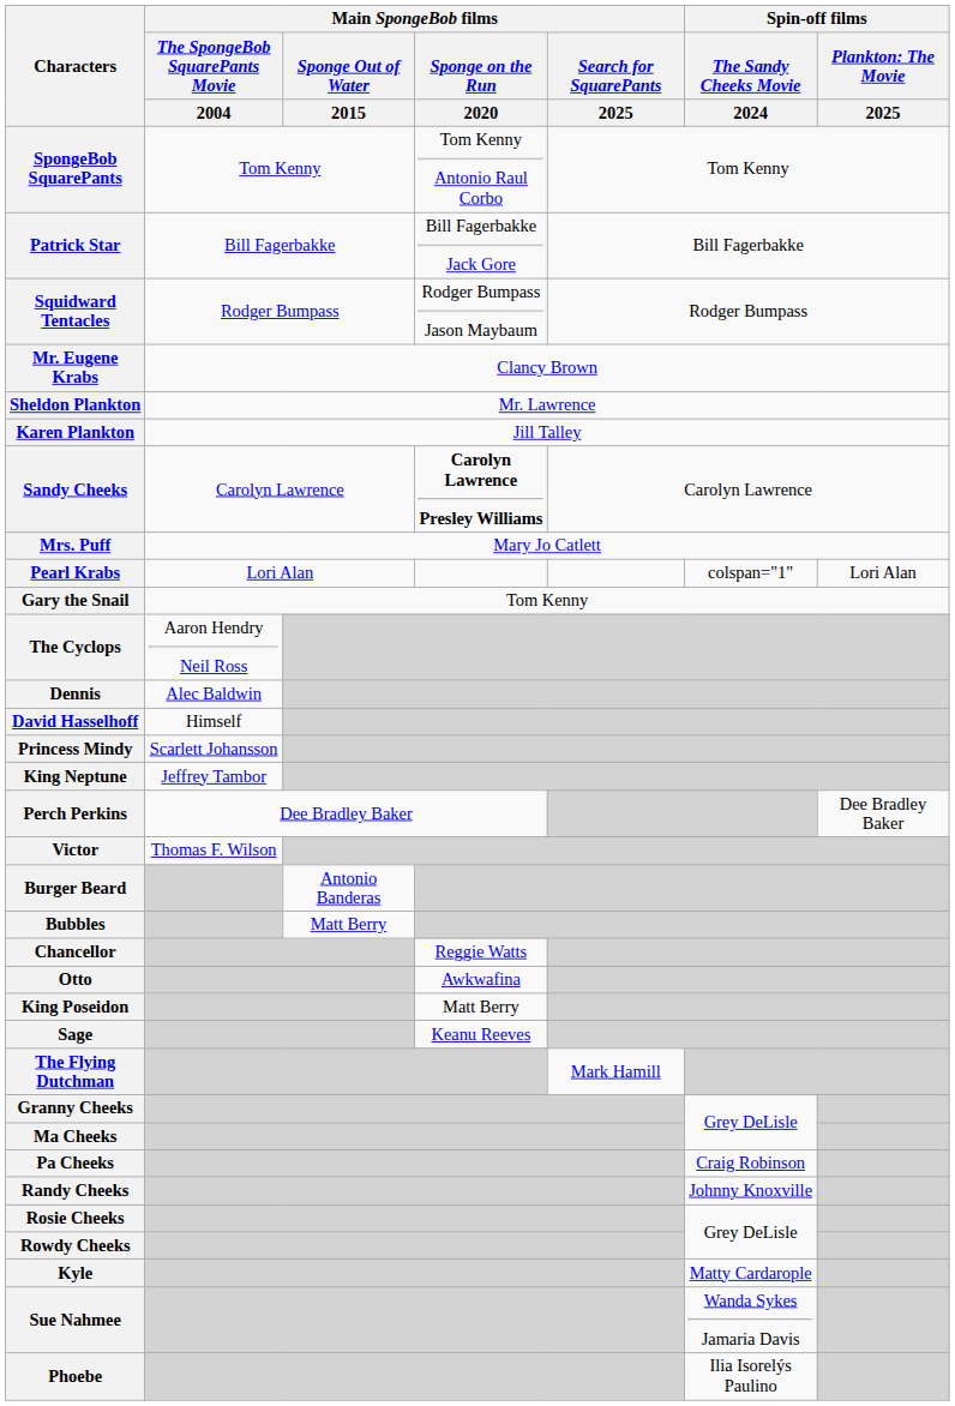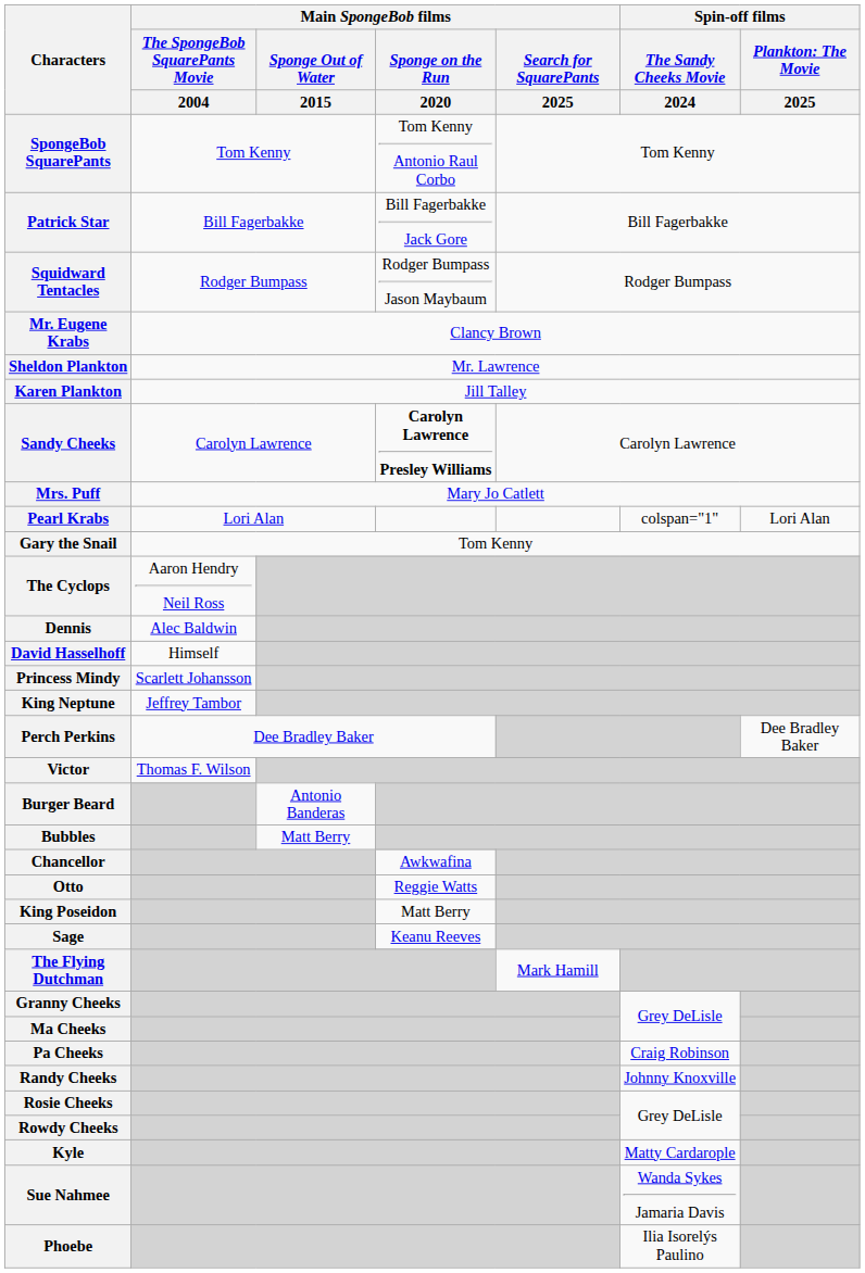 <table class="wikitable"  style="text-align:center; width:99%;">
 <tr>
 <th rowspan="3" style="width:10%;">Characters</th>
 <th colspan="4">Main <em>SpongeBob</em> films</th>
 <th colspan="2">Spin-off films</th>
 </tr>
 <tr>
 <th style="text-align:center; width:10%;"><em><a href='#'>The SpongeBob SquarePants Movie</a></em></th>
 <th style="text-align:center; width:10%;"><a href='#'><em><br>Sponge Out of Water</em></a></th>
 <th style="text-align:center; width:10%;"><a href='#'><em><br>Sponge on the Run</em></a></th>
 <th style="text-align:center; width:10%;"><em><a href='#'><br>Search for SquarePants</a></em></th>
 <th style="text-align:center; width:10%;"><a href='#'><em><br>The Sandy Cheeks Movie</em></a></th>
 <th style="text-align:center; width:10%;"><em><a href='#'>Plankton: The Movie</a></em></th>
 </tr>
 <tr>
 <th>2004</th>
 <th>2015</th>
 <th>2020</th>
 <th>2025</th>
 <th>2024</th>
 <th>2025</th>
 </tr>
 <tr>
 <th><a href='#'>SpongeBob SquarePants</a></th>
 <td colspan="2"><a href='#'>Tom Kenny</a></td>
 <td>Tom Kenny<hr><a href='#'>Antonio Raul Corbo</a></td>
 <td colspan="3">Tom Kenny</td>
 </tr>
 <tr>
 <th><a href='#'>Patrick Star</a></th>
 <td colspan="2"><a href='#'>Bill Fagerbakke</a></td>
 <td>Bill Fagerbakke<hr><a href='#'>Jack Gore</a></td>
 <td colspan="3">Bill Fagerbakke</td>
 </tr>
 <tr>
 <th><a href='#'>Squidward Tentacles</a></th>
 <td colspan="2"><a href='#'>Rodger Bumpass</a></td>
 <td>Rodger Bumpass<hr>Jason Maybaum</td>
 <td colspan="3">Rodger Bumpass</td>
 </tr>
 <tr>
 <th><a href='#'>Mr. Eugene Krabs</a></th>
 <td colspan="6"><a href='#'>Clancy Brown</a></td>
 </tr>
 <tr>
 <th><a href='#'>Sheldon Plankton</a></th>
 <td colspan="6"><a href='#'>Mr. Lawrence</a></td>
 </tr>
 <tr>
 <th><a href='#'>Karen Plankton</a></th>
 <td colspan="6"><a href='#'>Jill Talley</a></td>
 </tr>
 <tr>
 <th><a href='#'>Sandy Cheeks</a></th>
 <td colspan="2"><a href='#'>Carolyn Lawrence</a></td>
 <td><strong>Carolyn Lawrence<hr>Presley Williams</strong></td>
 <td colspan="3">Carolyn Lawrence</td>
 </tr>
 <tr>
 <th><a href='#'>Mrs. Puff</a></th>
 <td colspan="6"><a href='#'>Mary Jo Catlett</a></td>
 </tr>
 <tr>
 <th><a href='#'>Pearl Krabs</a></th>
 <td colspan="2"><a href='#'>Lori Alan</a></td>
 <td></td>
 <td></td>
 <td>colspan="1" </td>
 <td>Lori Alan</td>
 </tr>
 <tr>
 <th>Gary the Snail</th>
 <td colspan="6">Tom Kenny</td>
 </tr>
 <tr>
 <th>The Cyclops</th>
 <td>Aaron Hendry<hr><a href='#'>Neil Ross</a></td>
 <td colspan="5" style="background:#d3d3d3;"></td>
 </tr>
 <tr>
 <th>Dennis</th>
 <td><a href='#'>Alec Baldwin</a></td>
 <td colspan="5" style="background:#d3d3d3;"></td>
 </tr>
 <tr>
 <th><a href='#'>David Hasselhoff</a></th>
 <td>Himself</td>
 <td colspan="5" style="background:#d3d3d3;"></td>
 </tr>
 <tr>
 <th>Princess Mindy</th>
 <td><a href='#'>Scarlett Johansson</a></td>
 <td colspan="5" style="background:#d3d3d3;"></td>
 </tr>
 <tr>
 <th>King Neptune</th>
 <td><a href='#'>Jeffrey Tambor</a></td>
 <td colspan="5" style="background:#d3d3d3;"></td>
 </tr>
 <tr>
 <th>Perch Perkins</th>
 <td colspan="3"><a href='#'>Dee Bradley Baker</a></td>
 <td colspan="2" style="background:#d3d3d3;"></td>
 <td>Dee Bradley Baker</td>
 </tr>
 <tr>
 <th>Victor</th>
 <td><a href='#'>Thomas F. Wilson</a></td>
 <td colspan="5" style="background:#d3d3d3;"></td>
 </tr>
 <tr>
 <th>Burger Beard</th>
 <td style="background:#d3d3d3;"></td>
 <td><a href='#'>Antonio Banderas</a></td>
 <td colspan="4" style="background:#d3d3d3;"></td>
 </tr>
 <tr>
 <th>Bubbles</th>
 <td style="background:#d3d3d3;"></td>
 <td><a href='#'>Matt Berry</a></td>
 <td colspan="4" style="background:#d3d3d3;"></td>
 </tr>
 <tr>
 <th>Chancellor</th>
 <td colspan="2" style="background:#d3d3d3;"></td>
-<td><a href='#'>Reggie Watts</a></td>
+<td><a href='#'>Awkwafina</a></td>
 <td colspan="3" style="background:#d3d3d3;"></td>
 </tr>
 <tr>
 <th>Otto</th>
 <td colspan="2" style="background:#d3d3d3;"></td>
-<td><a href='#'>Awkwafina</a></td>
+<td><a href='#'>Reggie Watts</a></td>
 <td colspan="3" style="background:#d3d3d3;"></td>
 </tr>
 <tr>
 <th>King Poseidon</th>
 <td colspan="2" style="background:#d3d3d3;"></td>
 <td>Matt Berry</td>
 <td colspan="3" style="background:#d3d3d3;"></td>
 </tr>
 <tr>
 <th>Sage</th>
 <td colspan="2" style="background:#d3d3d3;"></td>
 <td><a href='#'>Keanu Reeves</a></td>
 <td colspan="3" style="background:#d3d3d3;"></td>
 </tr>
 <tr>
 <th><a href='#'>The Flying Dutchman</a></th>
 <td colspan="3" style="background:#d3d3d3;"></td>
 <td><a href='#'>Mark Hamill</a></td>
 <td colspan="2" style="background:#d3d3d3;"></td>
 </tr>
 <tr>
 <th>Granny Cheeks</th>
 <td colspan="4" style="background:#d3d3d3;"></td>
 <td rowspan="2"><a href='#'>Grey DeLisle</a></td>
 <td style="background:#d3d3d3;"></td>
 </tr>
 <tr>
 <th>Ma Cheeks</th>
 <td colspan="4" style="background:#d3d3d3;"></td>
 <td style="background:#d3d3d3;"></td>
 </tr>
 <tr>
 <th>Pa Cheeks</th>
 <td colspan="4" style="background:#d3d3d3;"></td>
 <td><a href='#'>Craig Robinson</a></td>
 <td style="background:#d3d3d3;"></td>
 </tr>
 <tr>
 <th>Randy Cheeks</th>
 <td colspan="4" style="background:#d3d3d3;"></td>
 <td><a href='#'>Johnny Knoxville</a></td>
 <td style="background:#d3d3d3;"></td>
 </tr>
 <tr>
 <th>Rosie Cheeks</th>
 <td colspan="4" style="background:#d3d3d3;"></td>
 <td rowspan="2">Grey DeLisle</td>
 <td style="background:#d3d3d3;"></td>
 </tr>
 <tr>
 <th>Rowdy Cheeks</th>
 <td colspan="4" style="background:#d3d3d3;"></td>
 <td style="background:#d3d3d3;"></td>
 </tr>
 <tr>
 <th>Kyle</th>
 <td colspan="4" style="background:#d3d3d3;"></td>
 <td><a href='#'>Matty Cardarople</a></td>
 <td style="background:#d3d3d3;"></td>
 </tr>
 <tr>
 <th>Sue Nahmee</th>
 <td colspan="4" style="background:#d3d3d3;"></td>
 <td><a href='#'>Wanda Sykes</a><hr>Jamaria Davis</td>
 <td style="background:#d3d3d3;"></td>
 </tr>
 <tr>
 <th>Phoebe</th>
 <td colspan="4" style="background:#d3d3d3;"></td>
 <td>Ilia Isorelýs Paulino</td>
 <td style="background:#d3d3d3;"></td>
 </tr>
 </table>
